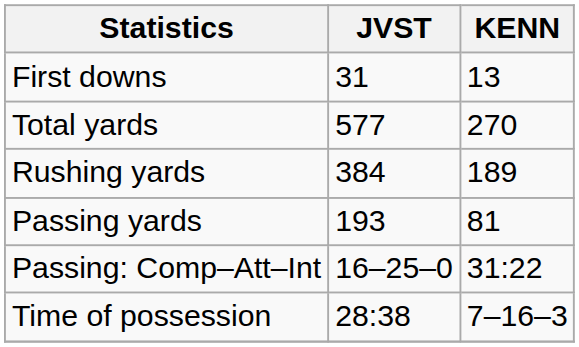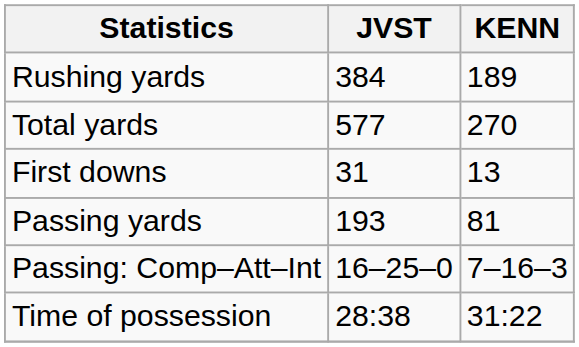 <table class="wikitable" style="float: left;">
 <tr>
 <th>Statistics</th>
 <th>JVST</th>
 <th>KENN</th>
 </tr>
 <tr>
-<td>First downs</td>
-<td>31</td>
-<td>13</td>
+<td>Rushing yards</td>
+<td>384</td>
+<td>189</td>
 </tr>
 <tr>
 <td>Total yards</td>
 <td>577</td>
 <td>270</td>
 </tr>
 <tr>
-<td>Rushing yards</td>
-<td>384</td>
-<td>189</td>
+<td>First downs</td>
+<td>31</td>
+<td>13</td>
 </tr>
 <tr>
 <td>Passing yards</td>
 <td>193</td>
 <td>81</td>
 </tr>
 <tr>
 <td>Passing: Comp–Att–Int</td>
 <td>16–25–0</td>
-<td>31:22</td>
+<td>7–16–3</td>
 </tr>
 <tr>
 <td>Time of possession</td>
 <td>28:38</td>
-<td>7–16–3</td>
+<td>31:22</td>
 </tr>
 <tr>
 </tr>
 </table>
